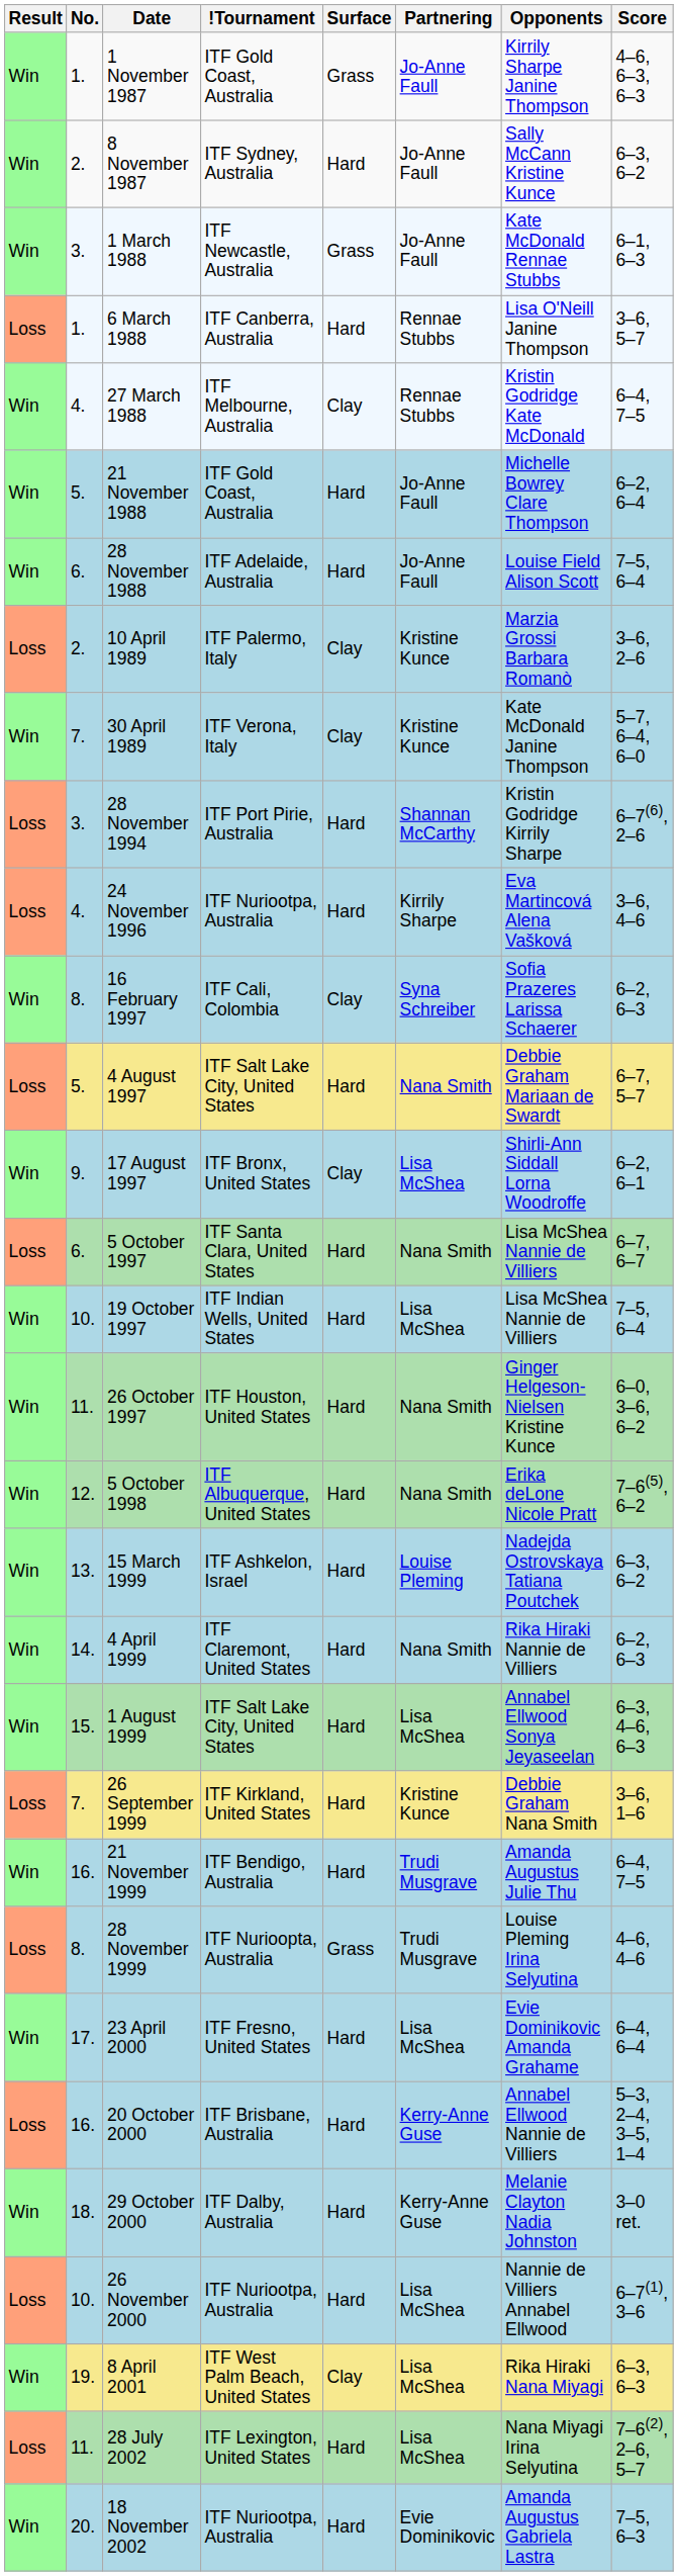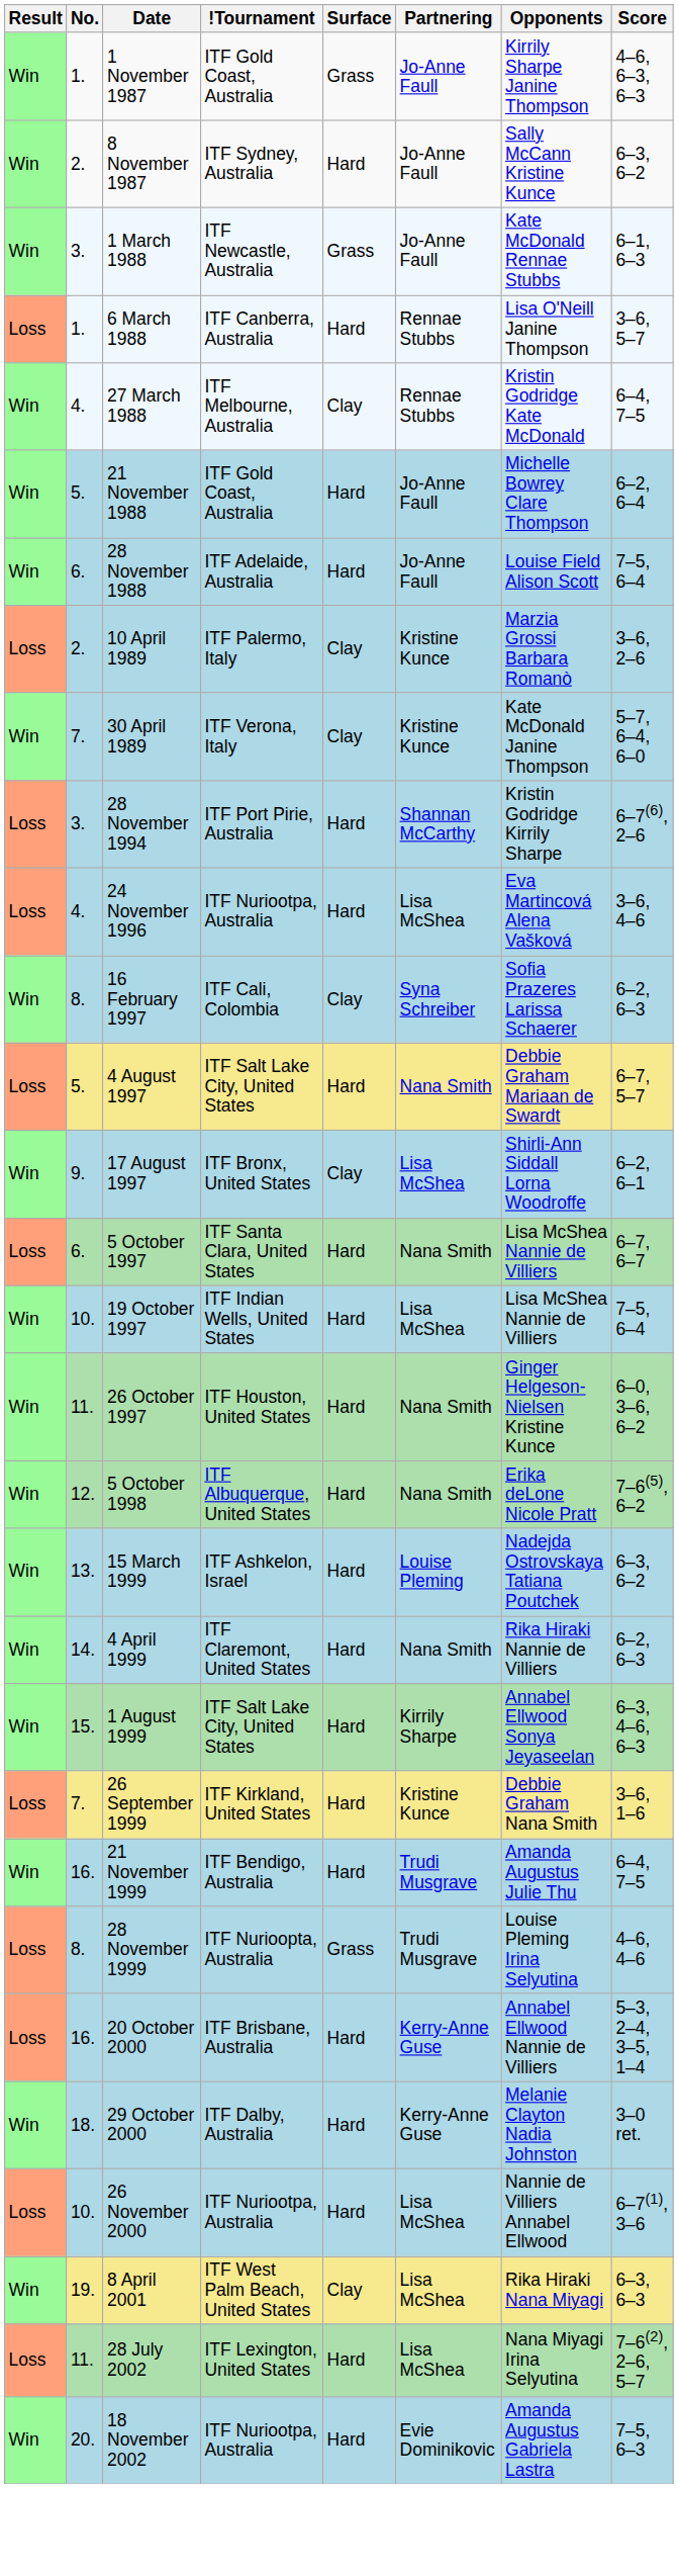 <table class="sortable wikitable">
 <tr>
 <th span="70">Result</th>
 <th span="25">No.</th>
 <th span="125">Date</th>
 <th span="220">!Tournament</th>
 <th span="70">Surface</th>
 <th span="170">Partnering</th>
 <th span="170">Opponents</th>
 <th class="unsortable">Score</th>
 </tr>
 <tr>
 <td style="background:#98fb98;">Win</td>
 <td>1.</td>
 <td>1 November 1987</td>
 <td>ITF Gold Coast, Australia</td>
 <td>Grass</td>
 <td> <a href='#'>Jo-Anne Faull</a></td>
 <td> <a href='#'>Kirrily Sharpe</a> <br>  <a href='#'>Janine Thompson</a></td>
 <td>4–6, 6–3, 6–3</td>
 </tr>
 <tr>
 <td style="background:#98fb98;">Win</td>
 <td>2.</td>
 <td>8 November 1987</td>
 <td>ITF Sydney, Australia</td>
 <td>Hard</td>
 <td> Jo-Anne Faull</td>
 <td> <a href='#'>Sally McCann</a> <br>  <a href='#'>Kristine Kunce</a></td>
 <td>6–3, 6–2</td>
 </tr>
 <tr bgcolor="#f0f8ff">
 <td style="background:#98fb98;">Win</td>
 <td>3.</td>
 <td>1 March 1988</td>
 <td>ITF Newcastle, Australia</td>
 <td>Grass</td>
 <td> Jo-Anne Faull</td>
 <td> <a href='#'>Kate McDonald</a> <br>  <a href='#'>Rennae Stubbs</a></td>
 <td>6–1, 6–3</td>
 </tr>
 <tr bgcolor="#f0f8ff">
 <td style="background:#ffa07a;">Loss</td>
 <td>1.</td>
 <td>6 March 1988</td>
 <td>ITF Canberra, Australia</td>
 <td>Hard</td>
 <td> Rennae Stubbs</td>
 <td> <a href='#'>Lisa O'Neill</a> <br>  Janine Thompson</td>
 <td>3–6, 5–7</td>
 </tr>
 <tr bgcolor="#f0f8ff">
 <td style="background:#98fb98;">Win</td>
 <td>4.</td>
 <td>27 March 1988</td>
 <td>ITF Melbourne, Australia</td>
 <td>Clay</td>
 <td> Rennae Stubbs</td>
 <td> <a href='#'>Kristin Godridge</a> <br>  <a href='#'>Kate McDonald</a></td>
 <td>6–4, 7–5</td>
 </tr>
 <tr style="background:lightblue;">
 <td style="background:#98fb98;">Win</td>
 <td>5.</td>
 <td>21 November 1988</td>
 <td>ITF Gold Coast, Australia</td>
 <td>Hard</td>
 <td> Jo-Anne Faull</td>
 <td> <a href='#'>Michelle Bowrey</a> <br>  <a href='#'>Clare Thompson</a></td>
 <td>6–2, 6–4</td>
 </tr>
 <tr style="background:lightblue;">
 <td style="background:#98fb98;">Win</td>
 <td>6.</td>
 <td>28 November 1988</td>
 <td>ITF Adelaide, Australia</td>
 <td>Hard</td>
 <td> Jo-Anne Faull</td>
 <td> <a href='#'>Louise Field</a> <br>  <a href='#'>Alison Scott</a></td>
 <td>7–5, 6–4</td>
 </tr>
 <tr style="background:lightblue">
 <td style="background:#ffa07a;">Loss</td>
 <td>2.</td>
 <td>10 April 1989</td>
 <td>ITF Palermo, Italy</td>
 <td>Clay</td>
 <td> Kristine Kunce</td>
 <td> <a href='#'>Marzia Grossi</a> <br>  <a href='#'>Barbara Romanò</a></td>
 <td>3–6, 2–6</td>
 </tr>
 <tr style="background:lightblue">
 <td style="background:#98fb98;">Win</td>
 <td>7.</td>
 <td>30 April 1989</td>
 <td>ITF Verona, Italy</td>
 <td>Clay</td>
 <td> Kristine Kunce</td>
 <td> Kate McDonald <br>  Janine Thompson</td>
 <td>5–7, 6–4, 6–0</td>
 </tr>
 <tr style="background:lightblue">
 <td style="background:#ffa07a;">Loss</td>
 <td>3.</td>
 <td>28 November 1994</td>
 <td>ITF Port Pirie, Australia</td>
 <td>Hard</td>
 <td> <a href='#'>Shannan McCarthy</a></td>
 <td> Kristin Godridge <br>  Kirrily Sharpe</td>
 <td>6–7<sup>(6)</sup>, 2–6</td>
 </tr>
 <tr style="background:lightblue;">
 <td style="background:#ffa07a;">Loss</td>
 <td>4.</td>
 <td>24 November 1996</td>
 <td>ITF Nuriootpa, Australia</td>
 <td>Hard</td>
-<td> Kirrily Sharpe</td>
+<td> Lisa McShea</td>
 <td> <a href='#'>Eva Martincová</a> <br>  <a href='#'>Alena Vašková</a></td>
 <td>3–6, 4–6</td>
 </tr>
 <tr style="background:lightblue;">
 <td style="background:#98fb98;">Win</td>
 <td>8.</td>
 <td>16 February 1997</td>
 <td>ITF Cali, Colombia</td>
 <td>Clay</td>
 <td> <a href='#'>Syna Schreiber</a></td>
 <td> <a href='#'>Sofia Prazeres</a> <br>  <a href='#'>Larissa Schaerer</a></td>
 <td>6–2, 6–3</td>
 </tr>
 <tr style="background:#f7e98e;">
 <td style="background:#ffa07a;">Loss</td>
 <td>5.</td>
 <td>4 August 1997</td>
 <td>ITF Salt Lake City, United States</td>
 <td>Hard</td>
 <td> <a href='#'>Nana Smith</a></td>
 <td> <a href='#'>Debbie Graham</a> <br>  <a href='#'>Mariaan de Swardt</a></td>
 <td>6–7, 5–7</td>
 </tr>
 <tr style="background:lightblue;">
 <td style="background:#98fb98;">Win</td>
 <td>9.</td>
 <td>17 August 1997</td>
 <td>ITF Bronx, United States</td>
 <td>Clay</td>
 <td> <a href='#'>Lisa McShea</a></td>
 <td> <a href='#'>Shirli-Ann Siddall</a> <br>  <a href='#'>Lorna Woodroffe</a></td>
 <td>6–2, 6–1</td>
 </tr>
 <tr style="background:#addfad;">
 <td style="background:#ffa07a;">Loss</td>
 <td>6.</td>
 <td>5 October 1997</td>
 <td>ITF Santa Clara, United States</td>
 <td>Hard</td>
 <td> Nana Smith</td>
 <td> Lisa McShea <br>  <a href='#'>Nannie de Villiers</a></td>
 <td>6–7, 6–7</td>
 </tr>
 <tr style="background:lightblue;">
 <td style="background:#98fb98;">Win</td>
 <td>10.</td>
 <td>19 October 1997</td>
 <td>ITF Indian Wells, United States</td>
 <td>Hard</td>
 <td> Lisa McShea</td>
 <td> Lisa McShea <br>  Nannie de Villiers</td>
 <td>7–5, 6–4</td>
 </tr>
 <tr style="background:#addfad;">
 <td style="background:#98fb98;">Win</td>
 <td>11.</td>
 <td>26 October 1997</td>
 <td>ITF Houston, United States</td>
 <td>Hard</td>
 <td> Nana Smith</td>
 <td> <a href='#'>Ginger Helgeson-Nielsen</a> <br>  Kristine Kunce</td>
 <td>6–0, 3–6, 6–2</td>
 </tr>
 <tr style="background:#addfad;">
 <td style="background:#98fb98;">Win</td>
 <td>12.</td>
 <td>5 October 1998</td>
 <td><a href='#'>ITF Albuquerque</a>, United States</td>
 <td>Hard</td>
 <td> Nana Smith</td>
 <td> <a href='#'>Erika deLone</a> <br>  <a href='#'>Nicole Pratt</a></td>
 <td>7–6<sup>(5)</sup>, 6–2</td>
 </tr>
 <tr style="background:lightblue;">
 <td style="background:#98fb98;">Win</td>
 <td>13.</td>
 <td>15 March 1999</td>
 <td>ITF Ashkelon, Israel</td>
 <td>Hard</td>
 <td> <a href='#'>Louise Pleming</a></td>
 <td> <a href='#'>Nadejda Ostrovskaya</a> <br>  <a href='#'>Tatiana Poutchek</a></td>
 <td>6–3, 6–2</td>
 </tr>
 <tr style="background:lightblue;">
 <td style="background:#98fb98;">Win</td>
 <td>14.</td>
 <td>4 April 1999</td>
 <td>ITF Claremont, United States</td>
 <td>Hard</td>
 <td> Nana Smith</td>
 <td> <a href='#'>Rika Hiraki</a> <br>  Nannie de Villiers</td>
 <td>6–2, 6–3</td>
 </tr>
 <tr style="background:#addfad;">
 <td style="background:#98fb98;">Win</td>
 <td>15.</td>
 <td>1 August 1999</td>
 <td>ITF Salt Lake City, United States</td>
 <td>Hard</td>
-<td> Lisa McShea</td>
+<td> Kirrily Sharpe</td>
 <td> <a href='#'>Annabel Ellwood</a> <br>  <a href='#'>Sonya Jeyaseelan</a></td>
 <td>6–3, 4–6, 6–3</td>
 </tr>
 <tr bgcolor="#F7E98E">
 <td style="background:#ffa07a;">Loss</td>
 <td>7.</td>
 <td>26 September 1999</td>
 <td>ITF Kirkland, United States</td>
 <td>Hard</td>
 <td> Kristine Kunce</td>
 <td> <a href='#'>Debbie Graham</a> <br>  Nana Smith</td>
 <td>3–6, 1–6</td>
 </tr>
 <tr style="background:lightblue;">
 <td style="background:#98fb98;">Win</td>
 <td>16.</td>
 <td>21 November 1999</td>
 <td>ITF Bendigo, Australia</td>
 <td>Hard</td>
 <td> <a href='#'>Trudi Musgrave</a></td>
 <td> <a href='#'>Amanda Augustus</a> <br>  <a href='#'>Julie Thu</a></td>
 <td>6–4, 7–5</td>
 </tr>
 <tr style="background:lightblue;">
 <td style="background:#ffa07a;">Loss</td>
 <td>8.</td>
 <td>28 November 1999</td>
 <td>ITF Nurioopta, Australia</td>
 <td>Grass</td>
 <td> Trudi Musgrave</td>
 <td> Louise Pleming <br>  <a href='#'>Irina Selyutina</a></td>
 <td>4–6, 4–6</td>
-</tr>
-<tr style="background:lightblue;">
-<td style="background:#98fb98;">Win</td>
-<td>17.</td>
-<td>23 April 2000</td>
-<td>ITF Fresno, United States</td>
-<td>Hard</td>
-<td> Lisa McShea</td>
-<td> <a href='#'>Evie Dominikovic</a> <br>  <a href='#'>Amanda Grahame</a></td>
-<td>6–4, 6–4</td>
 </tr>
 <tr style="background:lightblue;">
 <td style="background:#ffa07a;">Loss</td>
 <td>16.</td>
 <td>20 October 2000</td>
 <td>ITF Brisbane, Australia</td>
 <td>Hard</td>
 <td> <a href='#'>Kerry-Anne Guse</a></td>
 <td> <a href='#'>Annabel Ellwood</a> <br>  Nannie de Villiers</td>
 <td>5–3, 2–4, 3–5, 1–4</td>
 </tr>
 <tr style="background:lightblue;">
 <td style="background:#98fb98;">Win</td>
 <td>18.</td>
 <td>29 October 2000</td>
 <td>ITF Dalby, Australia</td>
 <td>Hard</td>
 <td> Kerry-Anne Guse</td>
 <td> <a href='#'>Melanie Clayton</a> <br>  <a href='#'>Nadia Johnston</a></td>
 <td>3–0 ret.</td>
 </tr>
 <tr style="background:lightblue;">
 <td style="background:#ffa07a;">Loss</td>
 <td>10.</td>
 <td>26 November 2000</td>
 <td>ITF Nuriootpa, Australia</td>
 <td>Hard</td>
 <td> Lisa McShea</td>
 <td> Nannie de Villiers <br>  Annabel Ellwood</td>
 <td>6–7<sup>(1)</sup>, 3–6</td>
 </tr>
 <tr style="background:#f7e98e;">
 <td style="background:#98fb98;">Win</td>
 <td>19.</td>
 <td>8 April 2001</td>
 <td>ITF West Palm Beach, United States</td>
 <td>Clay</td>
 <td> Lisa McShea</td>
 <td> Rika Hiraki <br>  <a href='#'>Nana Miyagi</a></td>
 <td>6–3, 6–3</td>
 </tr>
 <tr style="background:#addfad;">
 <td style="background:#ffa07a;">Loss</td>
 <td>11.</td>
 <td>28 July 2002</td>
 <td>ITF Lexington, United States</td>
 <td>Hard</td>
 <td> Lisa McShea</td>
 <td> Nana Miyagi <br>  Irina Selyutina</td>
 <td>7–6<sup>(2)</sup>, 2–6, 5–7</td>
 </tr>
 <tr style="background:lightblue;">
 <td style="background:#98fb98;">Win</td>
 <td>20.</td>
 <td>18 November 2002</td>
 <td>ITF Nuriootpa, Australia</td>
 <td>Hard</td>
 <td> Evie Dominikovic</td>
 <td> <a href='#'>Amanda Augustus</a> <br>  <a href='#'>Gabriela Lastra</a></td>
 <td>7–5, 6–3</td>
 </tr>
 </table>
